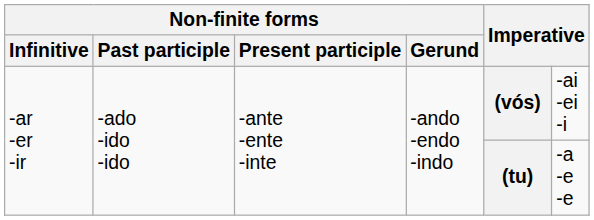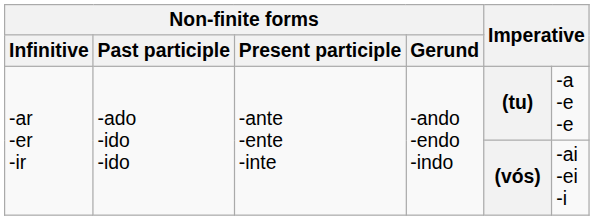 <table class="wikitable">
 <tr>
 <th colspan="4">Non-finite forms</th>
 <th rowspan="2" colspan="2">Imperative</th>
 </tr>
 <tr>
 <th>Infinitive</th>
 <th>Past participle</th>
 <th>Present participle</th>
 <th>Gerund</th>
 </tr>
 <tr>
 <td rowspan="2">-ar<br>-er<br>-ir</td>
 <td rowspan="2">-ado<br>-ido<br>-ido</td>
 <td rowspan="2">-ante<br>-ente<br>-inte</td>
 <td rowspan="2">-ando<br>-endo<br>-indo</td>
+<th>(tu)</th>
+<td>-a<br>-e<br>-e</td>
+</tr>
+<tr>
 <th>(vós)</th>
 <td>-ai<br>-ei<br>-i</td>
 </tr>
-<tr>
-<th>(tu)</th>
-<td>-a<br>-e<br>-e</td>
-</tr>
 </table>
